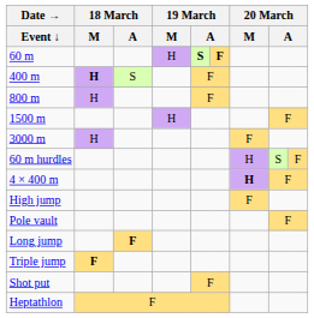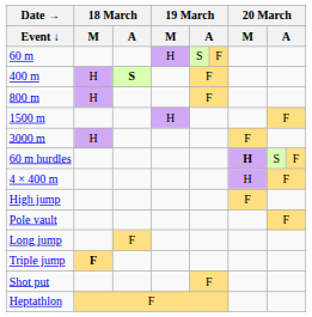 <table class="wikitable" style="margin:0.5em auto; font-size:90%; line-height:1.25em;">
 <tr align="center">
 <th>Date →</th>
 <th width="80px" colspan=2>18 March</th>
 <th width="80px" colspan=3>19 March</th>
 <th width="80px" colspan=3>20 March</th>
 </tr>
 <tr>
 <th>Event ↓</th>
 <th width="40px">M</th>
 <th width="40px">A</th>
 <th width="40px">M</th>
 <th width="40px" colspan=2>A</th>
 <th width="40px">M</th>
 <th width="40px" colspan=2>A</th>
 </tr>
 <tr align="center">
 <td align="left"><a href='#'>60 m</a></td>
 <td></td>
 <td></td>
 <td bgcolor="#D0A9F5">H</td>
-<td bgcolor="#D9FFB2" colspan=1><strong>S</strong></td>
-<td bgcolor="#FFDF80" colspan=1><strong>F</strong></td>
+<td bgcolor="#D9FFB2" colspan=1>S</td>
+<td bgcolor="#FFDF80" colspan=1>F</td>
 <td></td>
 <td colspan=2></td>
 </tr>
 <tr align="center">
 <td align="left"><a href='#'>400 m</a></td>
-<td bgcolor="#D0A9F5"><strong>H</strong></td>
-<td bgcolor="#D9FFB2">S</td>
+<td bgcolor="#D0A9F5">H</td>
+<td bgcolor="#D9FFB2"><strong>S</strong></td>
 <td></td>
 <td bgcolor="#FFDF80" colspan=2>F</td>
 <td></td>
 <td colspan=2></td>
 </tr>
 <tr align="center">
 <td align="left"><a href='#'>800 m</a></td>
 <td bgcolor="#D0A9F5">H</td>
 <td></td>
 <td></td>
 <td bgcolor="#FFDF80" colspan=2>F</td>
 <td></td>
 <td colspan=2></td>
 </tr>
 <tr align="center">
 <td align="left"><a href='#'>1500 m</a></td>
 <td></td>
 <td></td>
 <td bgcolor="#D0A9F5">H</td>
 <td colspan=2></td>
 <td></td>
 <td bgcolor="#FFDF80" colspan=2>F</td>
 </tr>
 <tr align="center">
 <td align="left"><a href='#'>3000 m</a></td>
 <td bgcolor="#D0A9F5">H</td>
 <td></td>
 <td></td>
 <td colspan=2></td>
 <td bgcolor="#FFDF80">F</td>
 <td colspan=2></td>
 </tr>
 <tr align="center">
 <td align="left"><a href='#'>60 m hurdles</a></td>
 <td></td>
 <td></td>
 <td></td>
 <td colspan=2></td>
-<td bgcolor="#D0A9F5">H</td>
+<td bgcolor="#D0A9F5"><strong>H</strong></td>
 <td bgcolor="#D9FFB2" colspan=1>S</td>
 <td bgcolor="#FFDF80" colspan=1>F</td>
 </tr>
 <tr align="center">
 <td align="left"><a href='#'>4 × 400 m</a></td>
 <td></td>
 <td></td>
 <td></td>
 <td colspan=2></td>
-<td bgcolor="#D0A9F5"><strong>H</strong></td>
+<td bgcolor="#D0A9F5">H</td>
 <td bgcolor="#FFDF80" colspan=2>F</td>
 </tr>
 <tr align="center">
 <td align="left"><a href='#'>High jump</a></td>
 <td></td>
 <td></td>
 <td></td>
 <td colspan=2></td>
 <td bgcolor="#FFDF80">F</td>
 <td colspan=2></td>
 </tr>
 <tr align="center">
 <td align="left"><a href='#'>Pole vault</a></td>
 <td></td>
 <td></td>
 <td></td>
 <td colspan=2></td>
 <td></td>
 <td bgcolor="#FFDF80" colspan=2>F</td>
 </tr>
 <tr align="center">
 <td align="left"><a href='#'>Long jump</a></td>
 <td></td>
-<td bgcolor="#FFDF80"><strong>F</strong></td>
+<td bgcolor="#FFDF80">F</td>
 <td></td>
 <td colspan=2></td>
 <td></td>
 <td colspan=2></td>
 </tr>
 <tr align="center">
 <td align="left"><a href='#'>Triple jump</a></td>
 <td bgcolor="#FFDF80"><strong>F</strong></td>
 <td></td>
 <td></td>
 <td colspan=2></td>
 <td></td>
 <td colspan=2></td>
 </tr>
 <tr align="center">
 <td align="left"><a href='#'>Shot put</a></td>
 <td></td>
 <td></td>
 <td></td>
 <td bgcolor="#FFDF80" colspan=2>F</td>
 <td></td>
 <td colspan=2></td>
 </tr>
 <tr align="center">
 <td align="left"><a href='#'>Heptathlon</a></td>
 <td bgcolor="#FFDF80" colspan=5>F</td>
 <td></td>
 <td colspan=2></td>
 </tr>
 </table>
